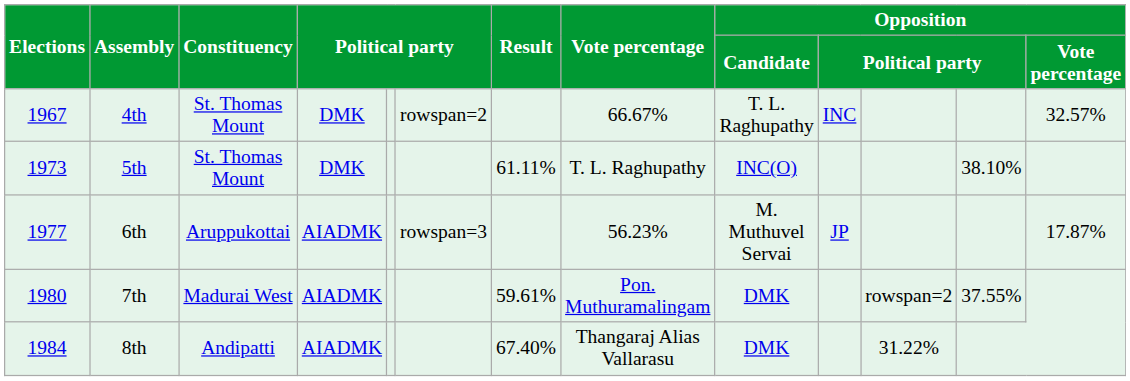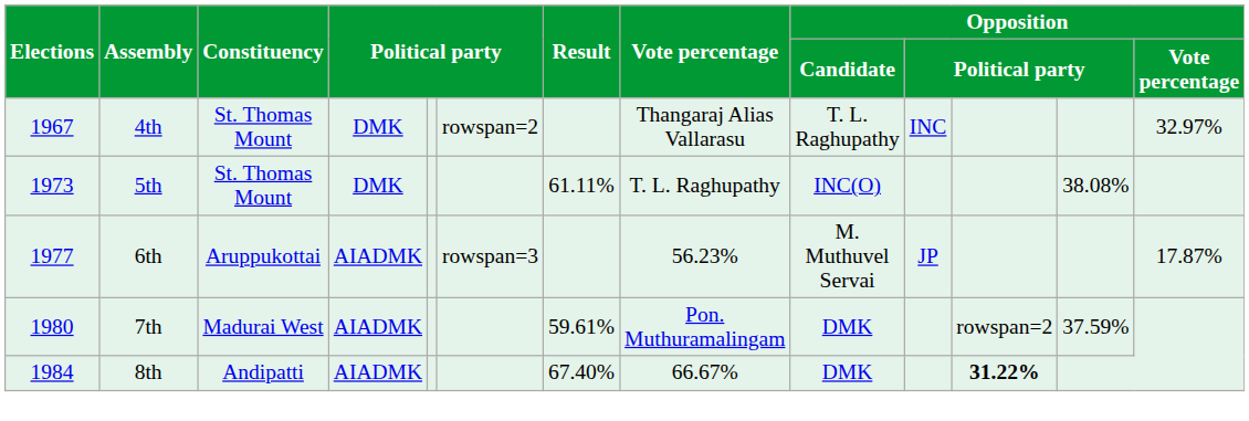 <table class="wikitable sortable" style="width:100%;background:#E5F4EA;text-align:center">
 <tr>
 <th style="background-color:#009933;color:white"rowspan=2>Elections</th>
 <th style="background-color:#009933;color:white"rowspan=2>Assembly</th>
 <th style="background-color:#009933;color:white"rowspan=2>Constituency</th>
 <th style="background-color:#009933;color:white"colspan=3 rowspan=2>Political party</th>
 <th style="background-color:#009933;color:white"rowspan=2>Result</th>
 <th style="background-color:#009933;color:white"rowspan=2>Vote percentage</th>
 <th style="background-color:#009933;color:white"colspan=5>Opposition</th>
 </tr>
 <tr>
 <th style="background-color:#009933;color:white">Candidate</th>
 <th style="background-color:#009933;color:white"colspan=3>Political party</th>
 <th style="background-color:#009933;color:white">Vote percentage</th>
 </tr>
 <tr>
 <td><a href='#'>1967</a></td>
 <td><a href='#'>4th</a></td>
 <td><a href='#'>St. Thomas Mount</a></td>
 <td><a href='#'>DMK</a></td>
 <td></td>
 <td>rowspan=2 </td>
 <td></td>
-<td>66.67%</td>
+<td>Thangaraj Alias Vallarasu</td>
 <td>T. L. Raghupathy</td>
 <td><a href='#'>INC</a></td>
 <td></td>
 <td></td>
-<td>32.57%</td>
+<td>32.97%</td>
 </tr>
 <tr>
 <td><a href='#'>1973</a></td>
 <td><a href='#'>5th</a></td>
 <td><a href='#'>St. Thomas Mount</a></td>
 <td><a href='#'>DMK</a></td>
 <td></td>
 <td></td>
 <td>61.11%</td>
 <td>T. L. Raghupathy</td>
 <td><a href='#'>INC(O)</a></td>
 <td></td>
 <td></td>
-<td>38.10%</td>
+<td>38.08%</td>
 </tr>
 <tr>
 <td><a href='#'>1977</a></td>
 <td>6th</td>
 <td><a href='#'>Aruppukottai</a></td>
 <td><a href='#'>AIADMK</a></td>
 <td></td>
 <td>rowspan=3 </td>
 <td></td>
 <td>56.23%</td>
 <td>M. Muthuvel Servai</td>
 <td><a href='#'>JP</a></td>
 <td></td>
 <td></td>
 <td>17.87%</td>
 </tr>
 <tr>
 <td><a href='#'>1980</a></td>
 <td>7th</td>
 <td><a href='#'>Madurai West</a></td>
 <td><a href='#'>AIADMK</a></td>
 <td></td>
 <td></td>
 <td>59.61%</td>
 <td><a href='#'>Pon. Muthuramalingam</a></td>
 <td><a href='#'>DMK</a></td>
 <td></td>
 <td>rowspan=2 </td>
-<td>37.55%</td>
+<td>37.59%</td>
 </tr>
 <tr>
 <td><a href='#'>1984</a></td>
 <td>8th</td>
 <td><a href='#'>Andipatti</a></td>
 <td><a href='#'>AIADMK</a></td>
 <td></td>
 <td></td>
 <td>67.40%</td>
-<td>Thangaraj Alias Vallarasu</td>
+<td>66.67%</td>
 <td><a href='#'>DMK</a></td>
 <td></td>
-<td>31.22%</td>
+<td><strong>31.22%</strong></td>
 </tr>
 </table>
